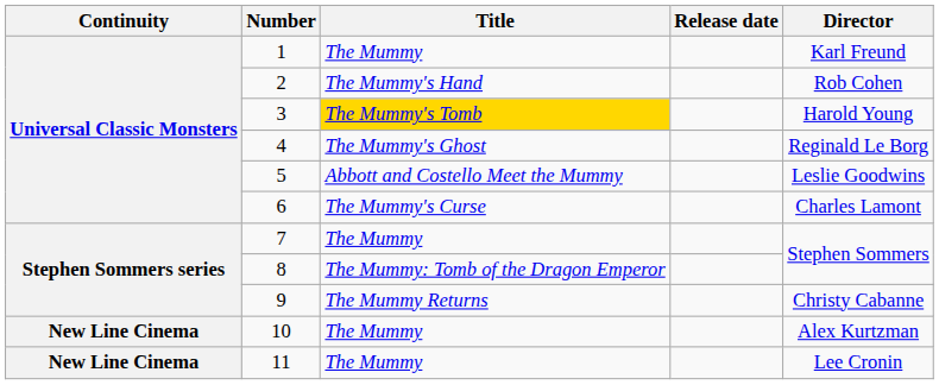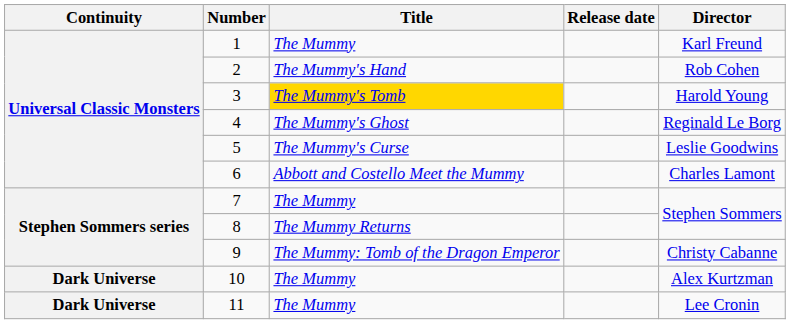 <table class="wikitable" style="text-align: center;">
 <tr>
 <th scope="col">Continuity</th>
 <th scope="col">Number</th>
 <th scope="col">Title</th>
 <th scope="col">Release date</th>
 <th scope="col">Director</th>
 </tr>
 <tr>
 <th scope="row" rowspan="6"><a href='#'>Universal Classic Monsters</a></th>
 <td>1</td>
 <td style="text-align: left;"><em><a href='#'>The Mummy</a></em></td>
 <td></td>
 <td><a href='#'>Karl Freund</a></td>
 </tr>
 <tr>
 <td>2</td>
 <td style="text-align: left;"><em><a href='#'>The Mummy's Hand</a></em></td>
 <td></td>
 <td><a href='#'>Rob Cohen</a></td>
 </tr>
 <tr>
 <td>3</td>
 <td style="background: gold; text-align: left;"><em><a href='#'>The Mummy's Tomb</a></em></td>
 <td></td>
 <td><a href='#'>Harold Young</a></td>
 </tr>
 <tr>
 <td>4</td>
 <td style="text-align: left;"><em><a href='#'>The Mummy's Ghost</a></em></td>
 <td></td>
 <td><a href='#'>Reginald Le Borg</a></td>
 </tr>
 <tr>
 <td>5</td>
-<td style="text-align: left;"><em><a href='#'>Abbott and Costello Meet the Mummy</a></em></td>
+<td style="text-align: left;"><em><a href='#'>The Mummy's Curse</a></em></td>
 <td></td>
 <td><a href='#'>Leslie Goodwins</a></td>
 </tr>
 <tr>
 <td>6</td>
-<td style="text-align: left;"><em><a href='#'>The Mummy's Curse</a></em></td>
+<td style="text-align: left;"><em><a href='#'>Abbott and Costello Meet the Mummy</a></em></td>
 <td></td>
 <td><a href='#'>Charles Lamont</a></td>
 </tr>
 <tr>
 <th scope="row" rowspan="3">Stephen Sommers series</th>
 <td>7</td>
 <td style="text-align: left;"><em><a href='#'>The Mummy</a></em></td>
 <td></td>
 <td rowspan="2"><a href='#'>Stephen Sommers</a></td>
 </tr>
 <tr>
 <td>8</td>
-<td style="text-align: left;"><em><a href='#'>The Mummy: Tomb of the Dragon Emperor</a></em></td>
+<td style="text-align: left;"><em><a href='#'>The Mummy Returns</a></em></td>
 <td></td>
 </tr>
 <tr>
 <td>9</td>
-<td style="text-align: left;"><em><a href='#'>The Mummy Returns</a></em></td>
+<td style="text-align: left;"><em><a href='#'>The Mummy: Tomb of the Dragon Emperor</a></em></td>
 <td></td>
 <td><a href='#'>Christy Cabanne</a></td>
 </tr>
 <tr>
-<th Scope="row">New Line Cinema</th>
+<th scope="row">Dark Universe</th>
 <td>10</td>
 <td style="text-align: left;"><em><a href='#'>The Mummy</a></em></td>
 <td></td>
 <td><a href='#'>Alex Kurtzman</a></td>
 </tr>
 <tr>
-<th Scope="row">New Line Cinema</th>
+<th scope="row">Dark Universe</th>
 <td>11</td>
 <td style="text-align: left;"><em><a href='#'>The Mummy</a></em></td>
 <td></td>
 <td><a href='#'>Lee Cronin</a></td>
 </tr>
 </table>
